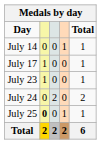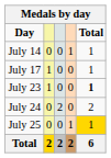 <table class="wikitable" style="font-size:85%; float:right">
 <tr align=center>
 <th colspan=7><strong>Medals by day</strong></th>
 </tr>
 <tr align=center>
 <td><strong>Day</strong></td>
 <td style="background:#f7f6a8;"></td>
 <td style="background:#dce5e5;"></td>
 <td style="background:#ffdab9;"></td>
 <td><strong>Total</strong></td>
 </tr>
 <tr align=center>
 <td>July 14</td>
 <td style="background:#f7f6a8;">0</td>
 <td style="background:#dce5e5;">0</td>
 <td style="background:#ffdab9;">1</td>
 <td>1</td>
 </tr>
 <tr align=center>
 <td>July 17</td>
 <td style="background:#f7f6a8;">1</td>
 <td style="background:#dce5e5;">0</td>
 <td style="background:#ffdab9;">0</td>
 <td>1</td>
 </tr>
 <tr align=center>
 <td>July 23</td>
 <td style="background:#f7f6a8;">1</td>
 <td style="background:#dce5e5;">0</td>
 <td style="background:#ffdab9;">0</td>
-<td>1</td>
+<td><strong>1</strong></td>
 </tr>
 <tr align=center>
 <td>July 24</td>
 <td style="background:#f7f6a8;">0</td>
 <td style="background:#dce5e5;">2</td>
 <td style="background:#ffdab9;">0</td>
 <td>2</td>
 </tr>
 <tr align=center>
 <td>July 25</td>
-<td style="background:#f7f6a8;"><strong>0</strong></td>
+<td style="background:#f7f6a8;">0</td>
 <td style="background:#dce5e5;">0</td>
 <td style="background:#ffdab9;">1</td>
-<td>1</td>
+<td style="background: gold;">1</td>
 </tr>
 <tr align=center>
 <th><strong>Total</strong></th>
 <th style="background:gold;"><strong>2</strong></th>
 <th style="background:silver;"><strong>2</strong></th>
 <th style="background:#c96;"><strong>2</strong></th>
 <th><strong>6</strong></th>
 </tr>
 </table>
